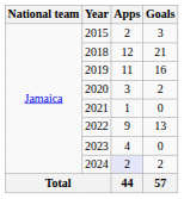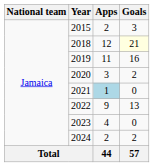 <table class="wikitable" style="text-align:center">
 <tr>
 <th>National team</th>
 <th>Year</th>
 <th>Apps</th>
 <th>Goals</th>
 </tr>
 <tr>
 <td rowspan="8"><a href='#'>Jamaica</a></td>
 <td>2015</td>
 <td>2</td>
 <td>3</td>
 </tr>
 <tr>
 <td>2018</td>
 <td>12</td>
-<td>21</td>
+<td style="background: lightyellow;">21</td>
 </tr>
 <tr>
 <td>2019</td>
 <td>11</td>
 <td>16</td>
 </tr>
 <tr>
 <td>2020</td>
 <td>3</td>
 <td>2</td>
 </tr>
 <tr>
 <td>2021</td>
-<td>1</td>
+<td style="background: lightblue;">1</td>
 <td>0</td>
 </tr>
 <tr>
 <td>2022</td>
 <td>9</td>
 <td>13</td>
 </tr>
 <tr>
 <td>2023</td>
 <td>4</td>
 <td>0</td>
 </tr>
 <tr>
 <td>2024</td>
-<td style="background: lavender;">2</td>
+<td>2</td>
 <td>2</td>
 </tr>
 <tr>
 <th colspan="2">Total</th>
 <th>44</th>
 <th>57</th>
 </tr>
 </table>
